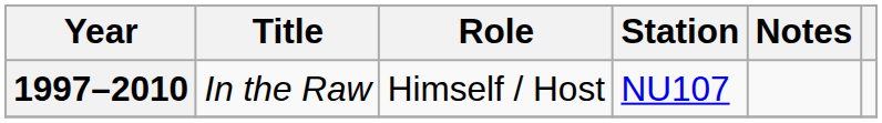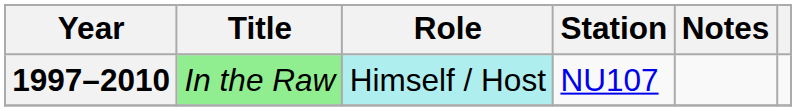 <table class="wikitable sortable plainrowheaders">
 <tr>
 <th scope="col">Year</th>
 <th scope="col">Title</th>
 <th scope="col">Role</th>
 <th scope="col">Station</th>
 <th scope="col">Notes</th>
 <th scope="col" class="unsortable"></th>
 </tr>
 <tr>
 <th scope=row>1997–2010</th>
-<td><em>In the Raw</em></td>
-<td>Himself / Host</td>
+<td style="background: lightgreen;"><em>In the Raw</em></td>
+<td style="background: paleturquoise;">Himself / Host</td>
 <td><a href='#'>NU107</a></td>
 <td></td>
 <td></td>
 </tr>
 <tr>
 </tr>
 </table>
